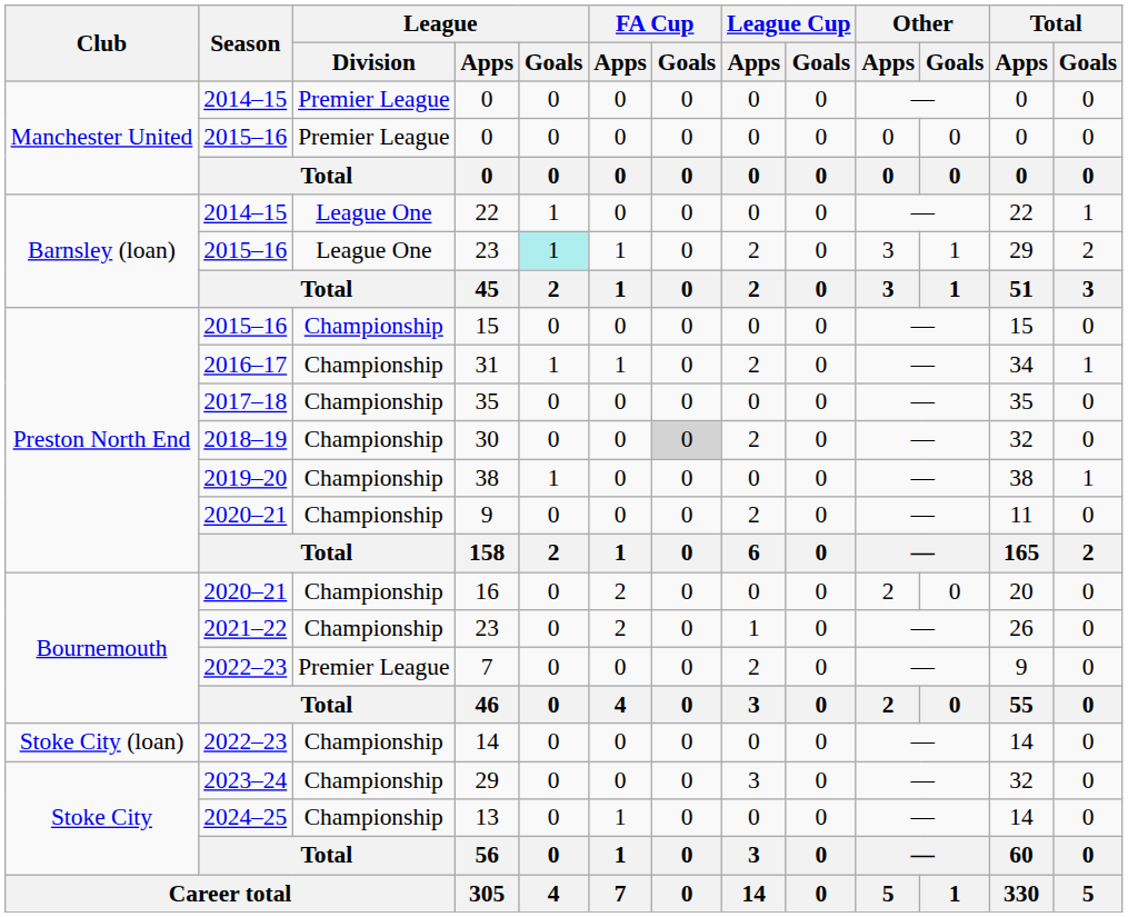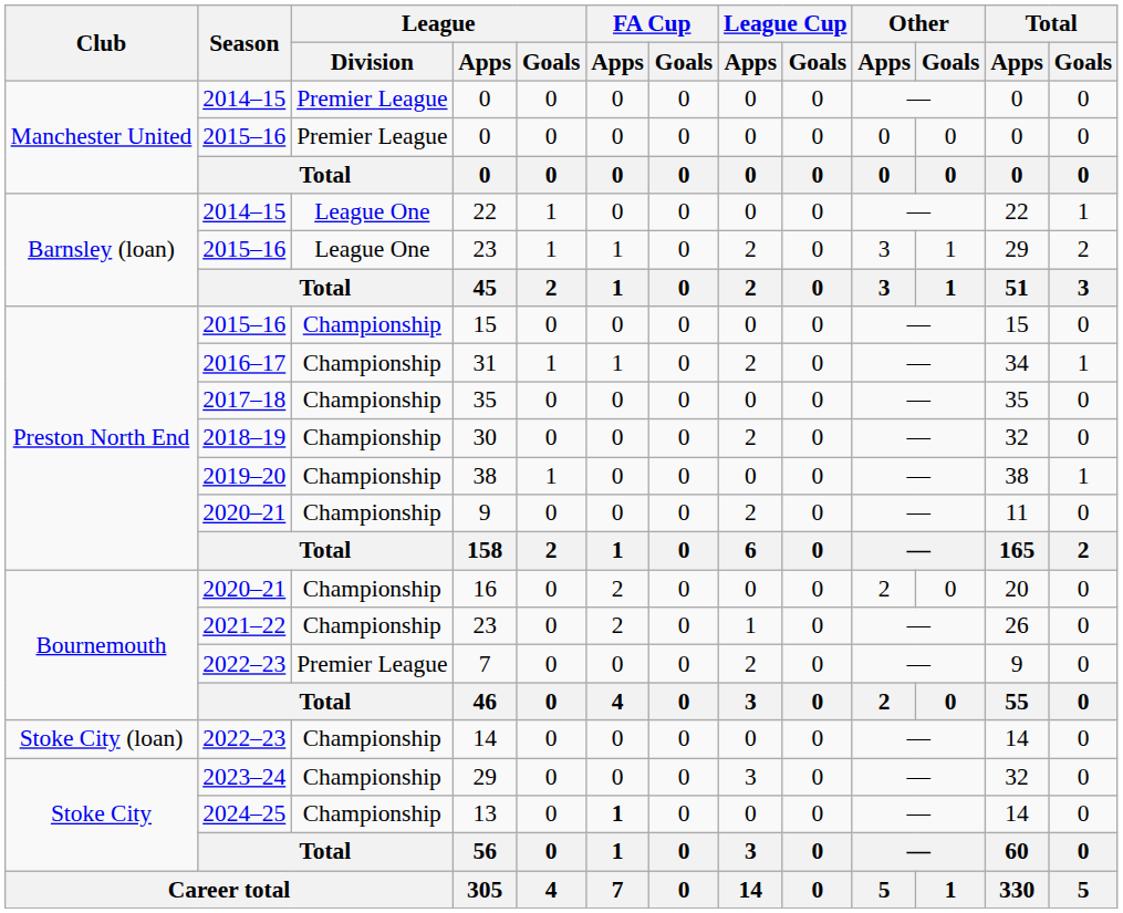 <table class="wikitable" style="text-align:center">
 <tr>
 <th rowspan="2">Club</th>
 <th rowspan="2">Season</th>
 <th colspan="3">League</th>
 <th colspan="2"><a href='#'>FA Cup</a></th>
 <th colspan="2"><a href='#'>League Cup</a></th>
 <th colspan="2">Other</th>
 <th colspan="2">Total</th>
 </tr>
 <tr>
 <th>Division</th>
 <th>Apps</th>
 <th>Goals</th>
 <th>Apps</th>
 <th>Goals</th>
 <th>Apps</th>
 <th>Goals</th>
 <th>Apps</th>
 <th>Goals</th>
 <th>Apps</th>
 <th>Goals</th>
 </tr>
 <tr>
 <td rowspan=3><a href='#'>Manchester United</a></td>
 <td><a href='#'>2014–15</a></td>
 <td><a href='#'>Premier League</a></td>
 <td>0</td>
 <td>0</td>
 <td>0</td>
 <td>0</td>
 <td>0</td>
 <td>0</td>
 <td colspan="2">—</td>
 <td>0</td>
 <td>0</td>
 </tr>
 <tr>
 <td><a href='#'>2015–16</a></td>
 <td>Premier League</td>
 <td>0</td>
 <td>0</td>
 <td>0</td>
 <td>0</td>
 <td>0</td>
 <td>0</td>
 <td>0</td>
 <td>0</td>
 <td>0</td>
 <td>0</td>
 </tr>
 <tr>
 <th colspan=2>Total</th>
 <th>0</th>
 <th>0</th>
 <th>0</th>
 <th>0</th>
 <th>0</th>
 <th>0</th>
 <th>0</th>
 <th>0</th>
 <th>0</th>
 <th>0</th>
 </tr>
 <tr>
 <td rowspan=3><a href='#'>Barnsley</a> (loan)</td>
 <td><a href='#'>2014–15</a></td>
 <td><a href='#'>League One</a></td>
 <td>22</td>
 <td>1</td>
 <td>0</td>
 <td>0</td>
 <td>0</td>
 <td>0</td>
 <td colspan=2>—</td>
 <td>22</td>
 <td>1</td>
 </tr>
 <tr>
 <td><a href='#'>2015–16</a></td>
 <td>League One</td>
 <td>23</td>
-<td style="background: paleturquoise;">1</td>
+<td>1</td>
 <td>1</td>
 <td>0</td>
 <td>2</td>
 <td>0</td>
 <td>3</td>
 <td>1</td>
 <td>29</td>
 <td>2</td>
 </tr>
 <tr>
 <th colspan=2>Total</th>
 <th>45</th>
 <th>2</th>
 <th>1</th>
 <th>0</th>
 <th>2</th>
 <th>0</th>
 <th>3</th>
 <th>1</th>
 <th>51</th>
 <th>3</th>
 </tr>
 <tr>
 <td rowspan=7><a href='#'>Preston North End</a></td>
 <td><a href='#'>2015–16</a></td>
 <td><a href='#'>Championship</a></td>
 <td>15</td>
 <td>0</td>
 <td>0</td>
 <td>0</td>
 <td>0</td>
 <td>0</td>
 <td colspan="2">—</td>
 <td>15</td>
 <td>0</td>
 </tr>
 <tr>
 <td><a href='#'>2016–17</a></td>
 <td>Championship</td>
 <td>31</td>
 <td>1</td>
 <td>1</td>
 <td>0</td>
 <td>2</td>
 <td>0</td>
 <td colspan="2">—</td>
 <td>34</td>
 <td>1</td>
 </tr>
 <tr>
 <td><a href='#'>2017–18</a></td>
 <td>Championship</td>
 <td>35</td>
 <td>0</td>
 <td>0</td>
 <td>0</td>
 <td>0</td>
 <td>0</td>
 <td colspan="2">—</td>
 <td>35</td>
 <td>0</td>
 </tr>
 <tr>
 <td><a href='#'>2018–19</a></td>
 <td>Championship</td>
 <td>30</td>
 <td>0</td>
 <td>0</td>
-<td style="background: lightgrey;">0</td>
+<td>0</td>
 <td>2</td>
 <td>0</td>
 <td colspan="2">—</td>
 <td>32</td>
 <td>0</td>
 </tr>
 <tr>
 <td><a href='#'>2019–20</a></td>
 <td>Championship</td>
 <td>38</td>
 <td>1</td>
 <td>0</td>
 <td>0</td>
 <td>0</td>
 <td>0</td>
 <td colspan="2">—</td>
 <td>38</td>
 <td>1</td>
 </tr>
 <tr>
 <td><a href='#'>2020–21</a></td>
 <td>Championship</td>
 <td>9</td>
 <td>0</td>
 <td>0</td>
 <td>0</td>
 <td>2</td>
 <td>0</td>
 <td colspan="2">—</td>
 <td>11</td>
 <td>0</td>
 </tr>
 <tr>
 <th colspan=2>Total</th>
 <th>158</th>
 <th>2</th>
 <th>1</th>
 <th>0</th>
 <th>6</th>
 <th>0</th>
 <th colspan="2">—</th>
 <th>165</th>
 <th>2</th>
 </tr>
 <tr>
 <td rowspan="4"><a href='#'>Bournemouth</a></td>
 <td><a href='#'>2020–21</a></td>
 <td>Championship</td>
 <td>16</td>
 <td>0</td>
 <td>2</td>
 <td>0</td>
 <td>0</td>
 <td>0</td>
 <td>2</td>
 <td>0</td>
 <td>20</td>
 <td>0</td>
 </tr>
 <tr>
 <td><a href='#'>2021–22</a></td>
 <td>Championship</td>
 <td>23</td>
 <td>0</td>
 <td>2</td>
 <td>0</td>
 <td>1</td>
 <td>0</td>
 <td colspan="2">—</td>
 <td>26</td>
 <td>0</td>
 </tr>
 <tr>
 <td><a href='#'>2022–23</a></td>
 <td>Premier League</td>
 <td>7</td>
 <td>0</td>
 <td>0</td>
 <td>0</td>
 <td>2</td>
 <td>0</td>
 <td colspan="2">—</td>
 <td>9</td>
 <td>0</td>
 </tr>
 <tr>
 <th colspan="2">Total</th>
 <th>46</th>
 <th>0</th>
 <th>4</th>
 <th>0</th>
 <th>3</th>
 <th>0</th>
 <th>2</th>
 <th>0</th>
 <th>55</th>
 <th>0</th>
 </tr>
 <tr>
 <td><a href='#'>Stoke City</a> (loan)</td>
 <td><a href='#'>2022–23</a></td>
 <td>Championship</td>
 <td>14</td>
 <td>0</td>
 <td>0</td>
 <td>0</td>
 <td>0</td>
 <td>0</td>
 <td colspan="2">—</td>
 <td>14</td>
 <td>0</td>
 </tr>
 <tr>
 <td rowspan=3><a href='#'>Stoke City</a></td>
 <td><a href='#'>2023–24</a></td>
 <td>Championship</td>
 <td>29</td>
 <td>0</td>
 <td>0</td>
 <td>0</td>
 <td>3</td>
 <td>0</td>
 <td colspan="2">—</td>
 <td>32</td>
 <td>0</td>
 </tr>
 <tr>
 <td><a href='#'>2024–25</a></td>
 <td>Championship</td>
 <td>13</td>
 <td>0</td>
-<td>1</td>
+<td><strong>1</strong></td>
 <td>0</td>
 <td>0</td>
 <td>0</td>
 <td colspan="2">—</td>
 <td>14</td>
 <td>0</td>
 </tr>
 <tr>
 <th colspan="2">Total</th>
 <th>56</th>
 <th>0</th>
 <th>1</th>
 <th>0</th>
 <th>3</th>
 <th>0</th>
 <th colspan="2">—</th>
 <th>60</th>
 <th>0</th>
 </tr>
 <tr>
 <th colspan="3">Career total</th>
 <th>305</th>
 <th>4</th>
 <th>7</th>
 <th>0</th>
 <th>14</th>
 <th>0</th>
 <th>5</th>
 <th>1</th>
 <th>330</th>
 <th>5</th>
 </tr>
 </table>
